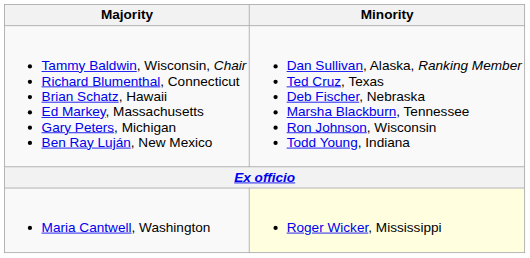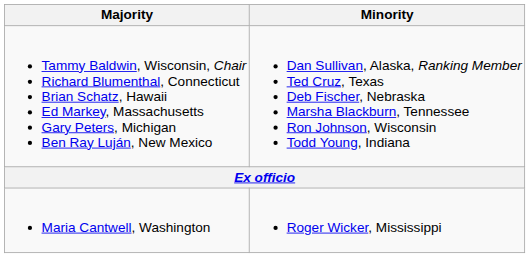 <table class="wikitable">
 <tr>
 <th>Majority</th>
 <th>Minority</th>
 </tr>
 <tr>
 <td><br><ul><li><a href='#'>Tammy Baldwin</a>, Wisconsin, <em>Chair</em></li><li><a href='#'>Richard Blumenthal</a>, Connecticut</li><li><a href='#'>Brian Schatz</a>, Hawaii</li><li><a href='#'>Ed Markey</a>, Massachusetts</li><li><a href='#'>Gary Peters</a>, Michigan</li><li><a href='#'>Ben Ray Luján</a>, New Mexico</li></ul></td>
 <td><br><ul><li><a href='#'>Dan Sullivan</a>, Alaska, <em>Ranking Member</em></li><li><a href='#'>Ted Cruz</a>, Texas</li><li><a href='#'>Deb Fischer</a>, Nebraska</li><li><a href='#'>Marsha Blackburn</a>, Tennessee</li><li><a href='#'>Ron Johnson</a>, Wisconsin</li><li><a href='#'>Todd Young</a>, Indiana</li></ul></td>
 </tr>
 <tr>
 <th colspan="2"><em><a href='#'>Ex officio</a></em></th>
 </tr>
 <tr>
 <td><br><ul><li><a href='#'>Maria Cantwell</a>, Washington</li></ul></td>
-<td style="background: lightyellow;"><br><ul><li><a href='#'>Roger Wicker</a>, Mississippi</li></ul></td>
+<td><br><ul><li><a href='#'>Roger Wicker</a>, Mississippi</li></ul></td>
 </tr>
 </table>
